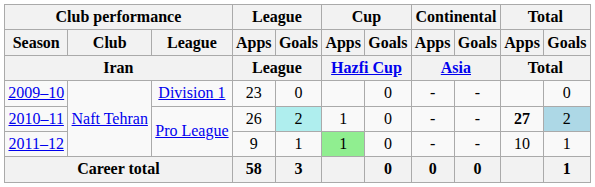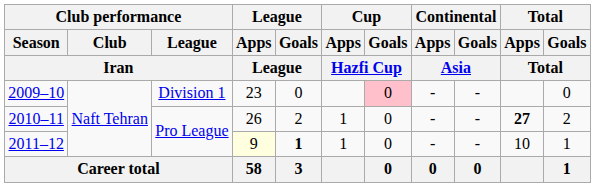 <table class="wikitable" style="text-align:center">
 <tr>
 <th colspan=3>Club performance</th>
 <th colspan=2>League</th>
 <th colspan=2>Cup</th>
 <th colspan=2>Continental</th>
 <th colspan=2>Total</th>
 </tr>
 <tr>
 <th>Season</th>
 <th>Club</th>
 <th>League</th>
 <th>Apps</th>
 <th>Goals</th>
 <th>Apps</th>
 <th>Goals</th>
 <th>Apps</th>
 <th>Goals</th>
 <th>Apps</th>
 <th>Goals</th>
 </tr>
 <tr>
 </tr>
 <tr>
 <th colspan=3>Iran</th>
 <th colspan=2>League</th>
 <th colspan=2><a href='#'>Hazfi Cup</a></th>
 <th colspan=2><a href='#'>Asia</a></th>
 <th colspan=2>Total</th>
 </tr>
 <tr>
 <td><a href='#'>2009–10</a></td>
 <td rowspan="3"><a href='#'>Naft Tehran</a></td>
 <td rowspan="1"><a href='#'>Division 1</a></td>
 <td>23</td>
 <td>0</td>
 <td></td>
-<td>0</td>
+<td style="background: pink;">0</td>
 <td>-</td>
 <td>-</td>
 <td></td>
 <td>0</td>
 </tr>
 <tr>
 <td><a href='#'>2010–11</a></td>
 <td rowspan="2"><a href='#'>Pro League</a></td>
 <td>26</td>
-<td style="background: paleturquoise;">2</td>
+<td>2</td>
 <td>1</td>
 <td>0</td>
 <td>-</td>
 <td>-</td>
 <td><strong>27</strong></td>
-<td style="background: lightblue;">2</td>
+<td>2</td>
 </tr>
 <tr>
 <td><a href='#'>2011–12</a></td>
-<td>9</td>
+<td style="background: lightyellow;">9</td>
+<td><strong>1</strong></td>
 <td>1</td>
-<td style="background: lightgreen;">1</td>
 <td>0</td>
 <td>-</td>
 <td>-</td>
 <td>10</td>
 <td>1</td>
 </tr>
 <tr>
 </tr>
 <tr>
 <th colspan=3>Career total</th>
 <th>58</th>
 <th>3</th>
 <th></th>
 <th>0</th>
 <th>0</th>
 <th>0</th>
 <th></th>
 <th>1</th>
 </tr>
 </table>
